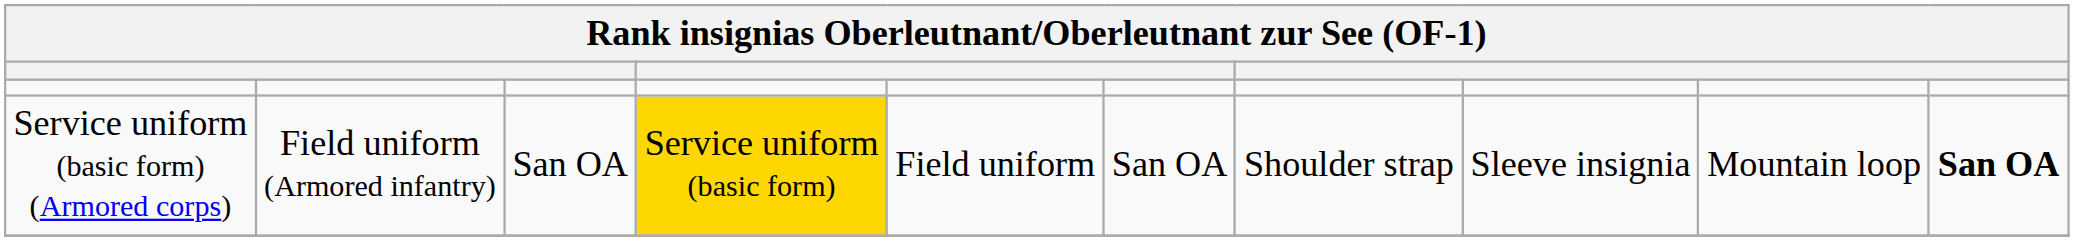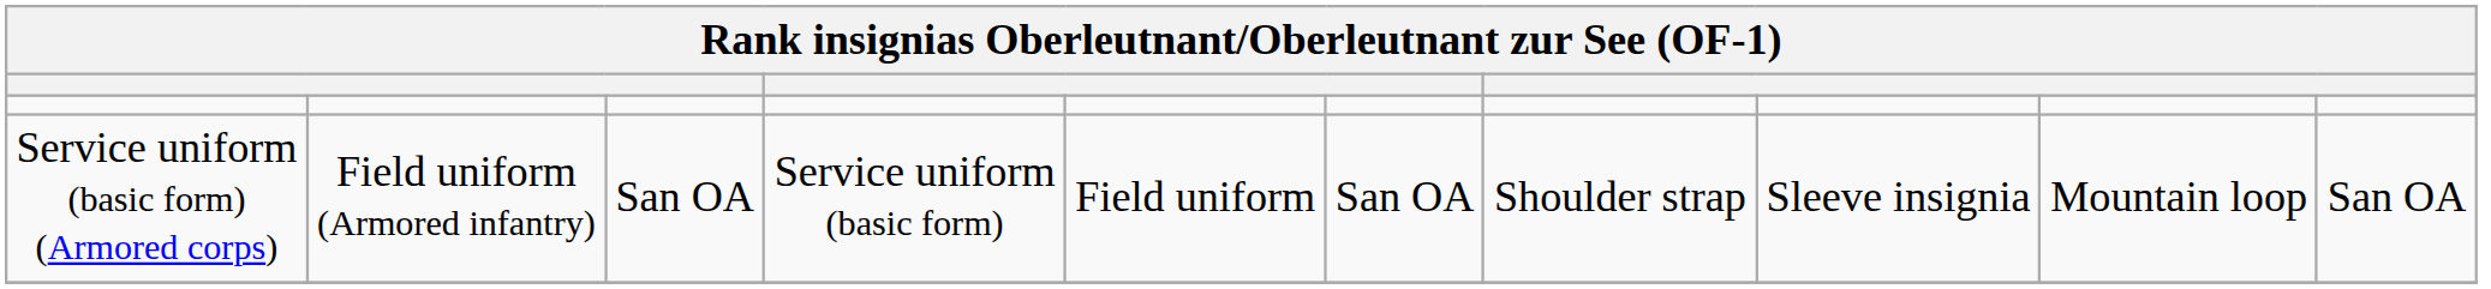 <table class=wikitable>
 <tr>
 <th colspan="10">Rank insignias Oberleutnant/Oberleutnant zur See (OF-1)</th>
 </tr>
 <tr bgcolor="#CCCCCC" align="center">
 <th colspan="3"></th>
 <th colspan="3"></th>
 <th colspan="4"></th>
 </tr>
 <tr align="center">
 <td> </td>
 <td></td>
 <td></td>
 <td></td>
 <td></td>
 <td></td>
 <td></td>
 <td></td>
 <td></td>
 <td></td>
 </tr>
 <tr align="center">
 <td>Service uniform<br><small>(basic form)<br>(<a href='#'>Armored corps</a>)</small></td>
 <td>Field uniform<br><small>(Armored infantry)</small></td>
 <td>San OA</td>
-<td style="background: gold;">Service uniform<br><small>(basic form)</small></td>
+<td>Service uniform<br><small>(basic form)</small></td>
 <td>Field uniform</td>
 <td>San OA</td>
 <td>Shoulder strap</td>
 <td>Sleeve insignia</td>
 <td>Mountain loop</td>
-<td><strong>San OA</strong></td>
+<td>San OA</td>
 </tr>
 <tr align="center">
 </tr>
 </table>
